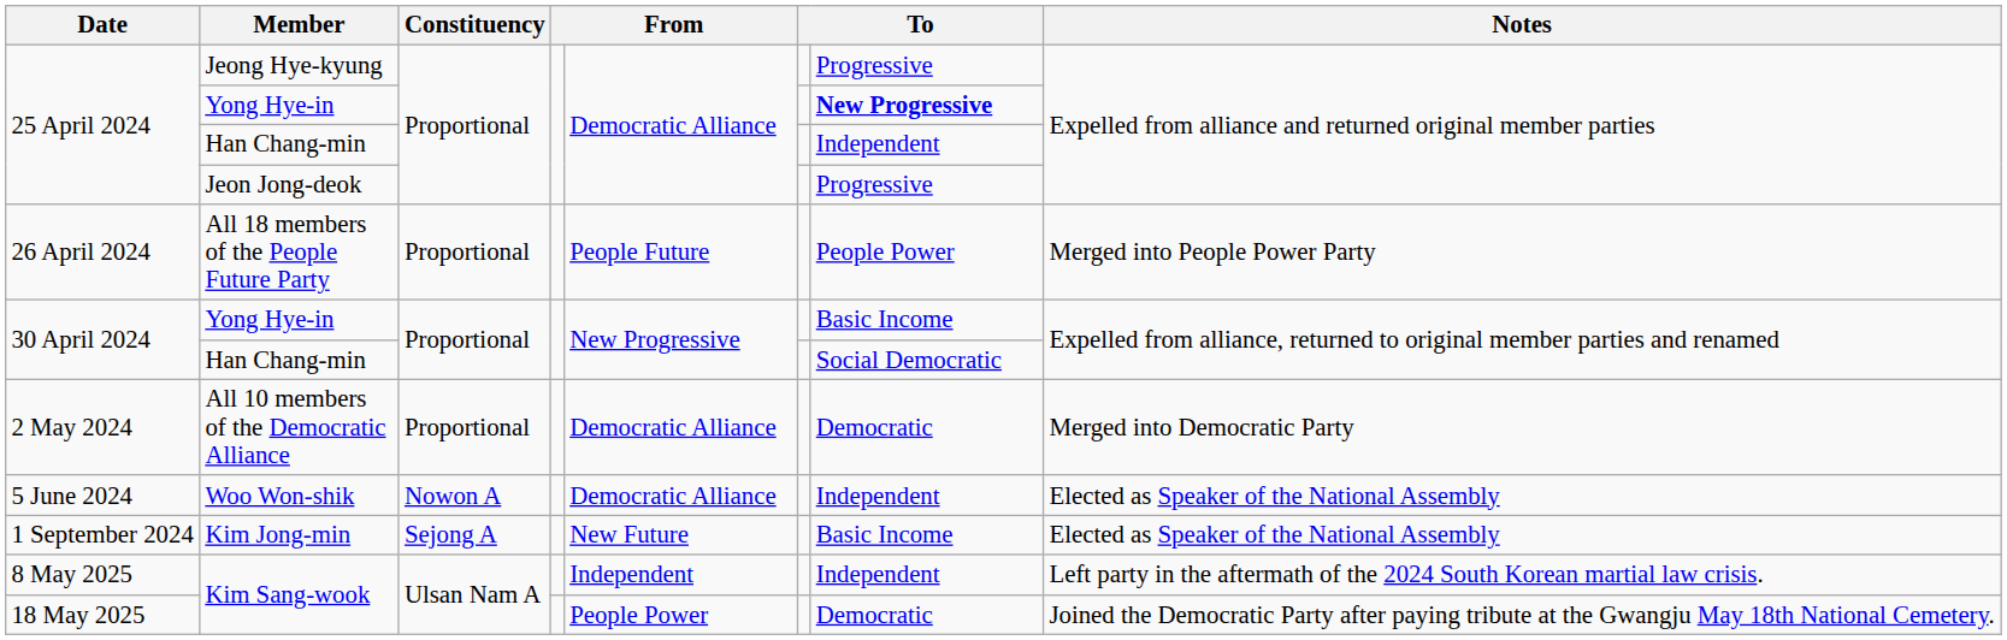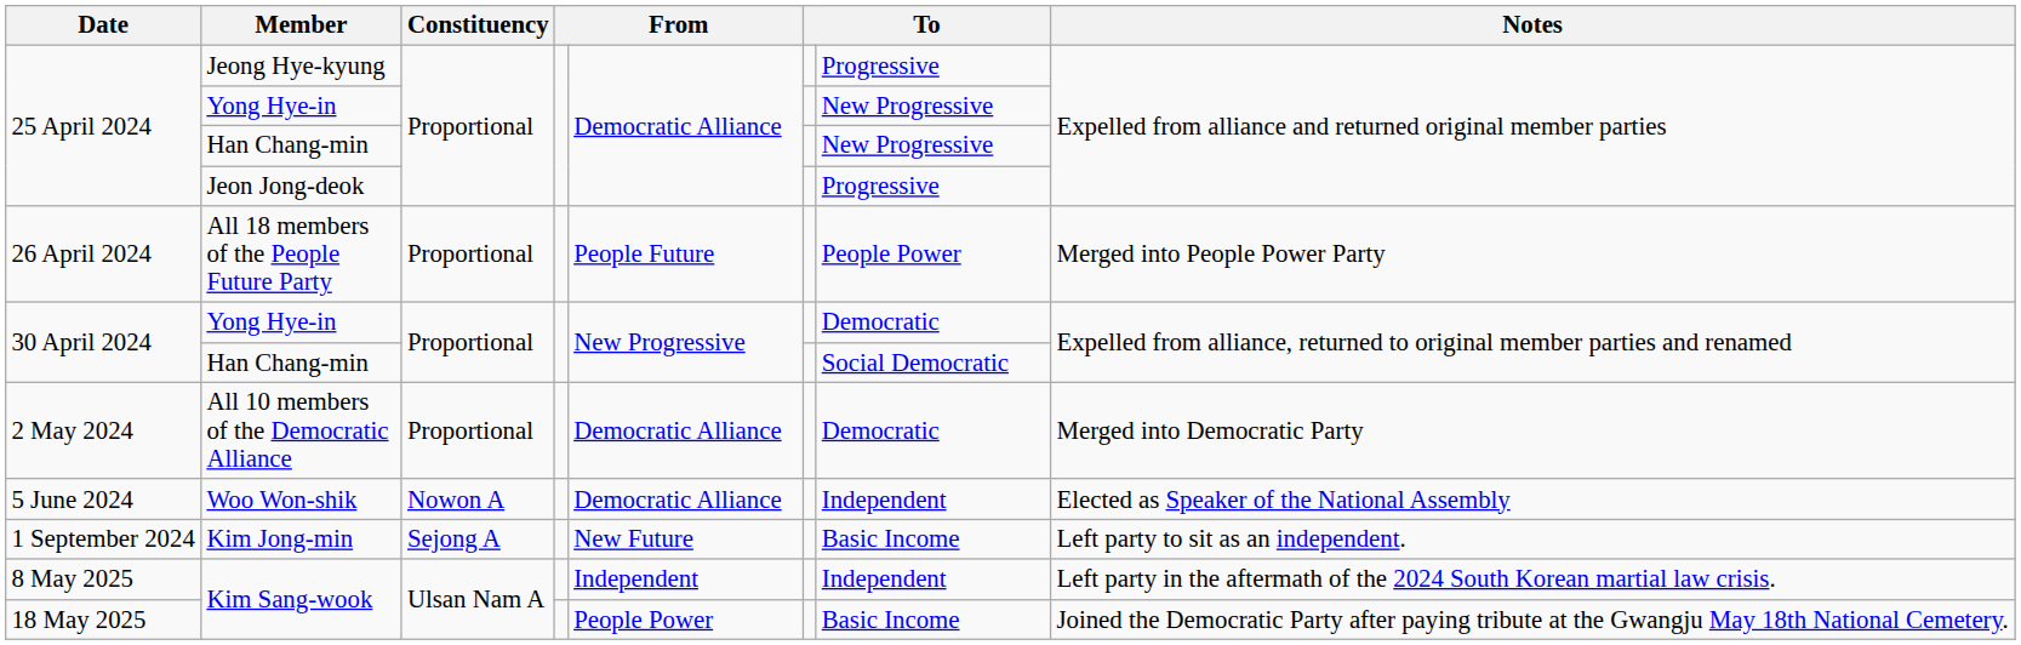 <table class="wikitable sortable plainrowheaders">
 <tr>
 <th>Date</th>
 <th style="width:120px;">Member</th>
 <th>Constituency</th>
 <th colspan="2" style="width:150px;">From</th>
 <th colspan="2" style="width:150px;">To</th>
 <th class="unsortable">Notes</th>
 </tr>
 <tr>
 <td rowspan=4>25 April 2024</td>
 <td>Jeong Hye-kyung</td>
 <td rowspan=4>Proportional</td>
 <td rowspan=4 scope="row" width="1" style="background-color:"></td>
 <td rowspan=4><a href='#'>Democratic Alliance</a></td>
 <td scope="row" style="background-color:"></td>
 <td><a href='#'>Progressive</a></td>
 <td rowspan=4>Expelled from alliance and returned original member parties</td>
 </tr>
 <tr>
 <td><a href='#'>Yong Hye-in</a></td>
 <td scope="row" style="background-color:"></td>
-<td><strong><a href='#'>New Progressive</a></strong></td>
+<td><a href='#'>New Progressive</a></td>
 </tr>
 <tr>
 <td>Han Chang-min</td>
 <td scope="row" style="background-color:"></td>
-<td><a href='#'>Independent</a></td>
+<td><a href='#'>New Progressive</a></td>
 </tr>
 <tr>
 <td>Jeon Jong-deok</td>
 <td scope="row" style="background-color:"></td>
 <td><a href='#'>Progressive</a></td>
 </tr>
 <tr>
 <td>26 April 2024</td>
 <td>All 18 members of the <a href='#'>People Future Party</a></td>
 <td>Proportional</td>
 <td scope="row" width="1" style="background-color:"></td>
 <td><a href='#'>People Future</a></td>
 <td scope="row" width="1" style="background-color:"></td>
 <td><a href='#'>People Power</a></td>
 <td>Merged into People Power Party</td>
 </tr>
 <tr>
 <td rowspan=2>30 April 2024</td>
 <td><a href='#'>Yong Hye-in</a></td>
 <td rowspan=2>Proportional</td>
 <td rowspan=2 scope="row" width="1" style="background-color:"></td>
 <td rowspan=2><a href='#'>New Progressive</a></td>
 <td scope="row" style="background-color:"></td>
-<td><a href='#'>Basic Income</a></td>
+<td><a href='#'>Democratic</a></td>
 <td rowspan=2>Expelled from alliance, returned to original member parties and renamed</td>
 </tr>
 <tr>
 <td>Han Chang-min</td>
 <td scope="row" style="background-color:"></td>
 <td><a href='#'>Social Democratic</a></td>
 </tr>
 <tr>
 <td>2 May 2024</td>
 <td>All 10 members of the <a href='#'>Democratic Alliance</a></td>
 <td>Proportional</td>
 <td scope="row" width="1" style="background-color:"></td>
 <td><a href='#'>Democratic Alliance</a></td>
 <td scope="row" width="1" style="background-color:"></td>
 <td><a href='#'>Democratic</a></td>
 <td>Merged into Democratic Party</td>
 </tr>
 <tr>
 <td>5 June 2024</td>
 <td><a href='#'>Woo Won-shik</a></td>
 <td><a href='#'>Nowon A</a></td>
 <td scope="row" width="1" style="background-color:"></td>
 <td><a href='#'>Democratic Alliance</a></td>
 <td scope="row" width="1" style="background-color:"></td>
 <td><a href='#'>Independent</a></td>
 <td>Elected as <a href='#'>Speaker of the National Assembly</a></td>
 </tr>
 <tr>
 <td>1 September 2024</td>
 <td><a href='#'>Kim Jong-min</a></td>
 <td><a href='#'>Sejong A</a></td>
 <td scope="row" width="1" style="background-color:"></td>
 <td><a href='#'>New Future</a></td>
 <td scope="row" width="1" style="background-color:"></td>
 <td><a href='#'>Basic Income</a></td>
-<td>Elected as <a href='#'>Speaker of the National Assembly</a></td>
+<td>Left party to sit as an <a href='#'>independent</a>.</td>
 </tr>
 <tr>
 <td>8 May 2025</td>
 <td rowspan=2><a href='#'>Kim Sang-wook</a></td>
 <td rowspan=2>Ulsan Nam A</td>
 <td scope="row" width="1" style="background-color:"></td>
 <td><a href='#'>Independent</a></td>
 <td scope="row" width="1" style="background-color:"></td>
 <td><a href='#'>Independent</a></td>
 <td>Left party in the aftermath of the <a href='#'>2024 South Korean martial law crisis</a>.</td>
 </tr>
 <tr>
 <td>18 May 2025</td>
 <td scope="row" width="1" style="background-color:"></td>
 <td><a href='#'>People Power</a></td>
 <td scope="row" width="1" style="background-color:"></td>
-<td><a href='#'>Democratic</a></td>
+<td><a href='#'>Basic Income</a></td>
 <td>Joined the Democratic Party after paying tribute at the Gwangju <a href='#'>May 18th National Cemetery</a>.</td>
 </tr>
 </table>
